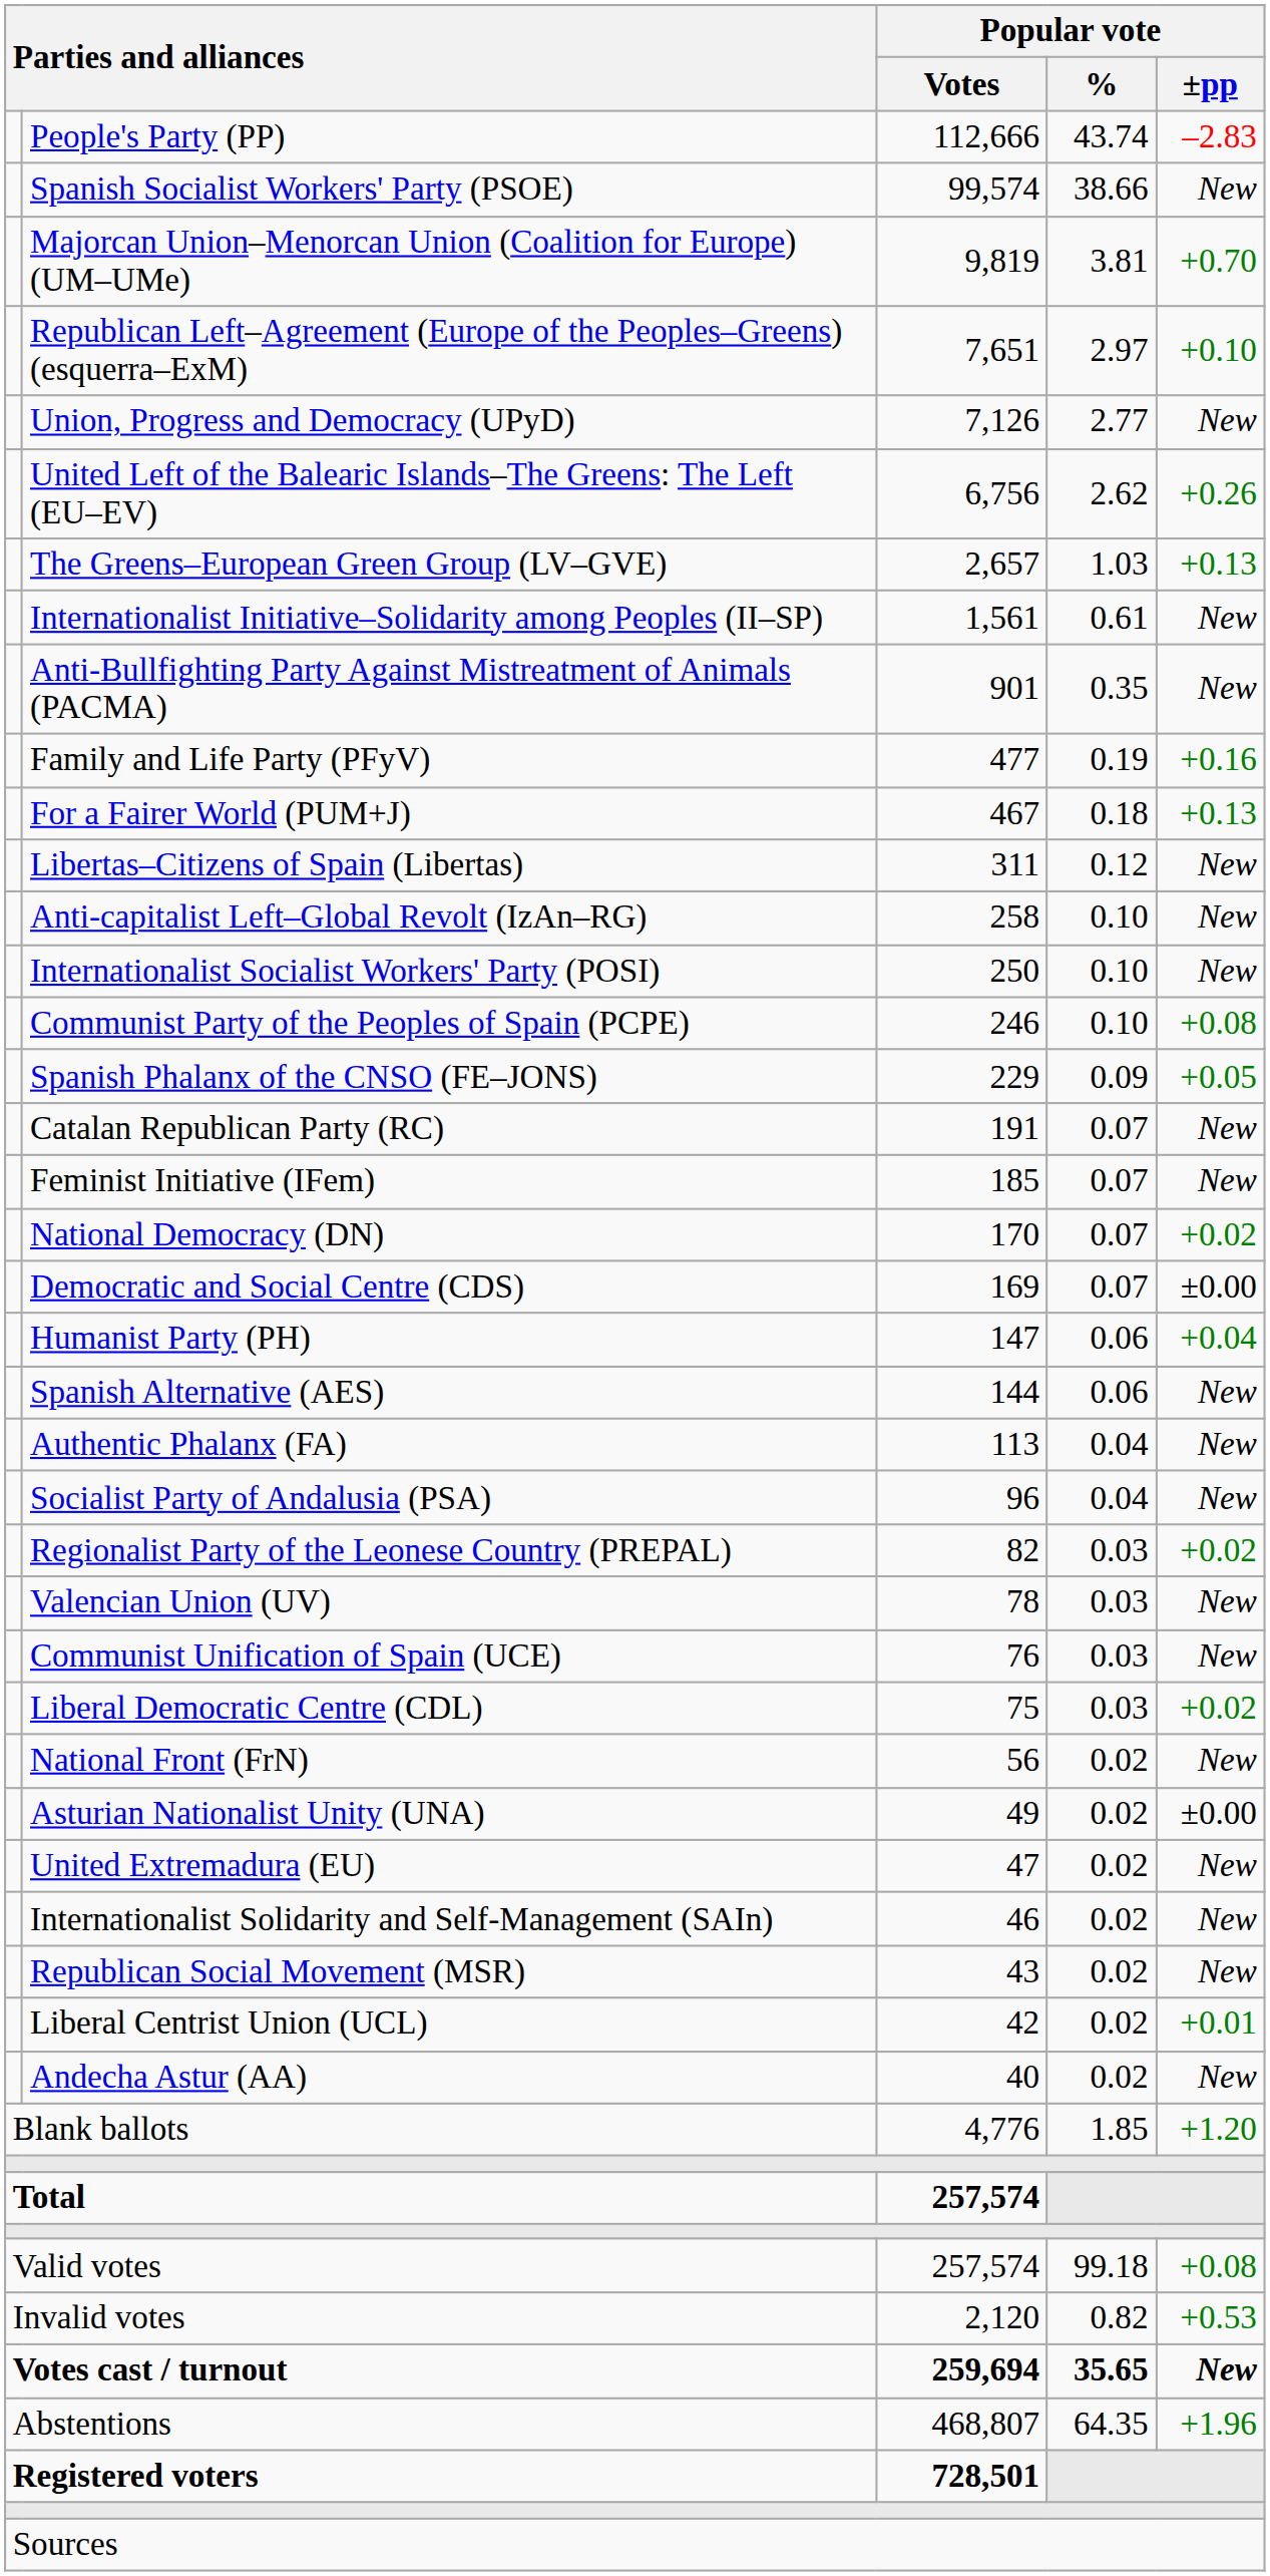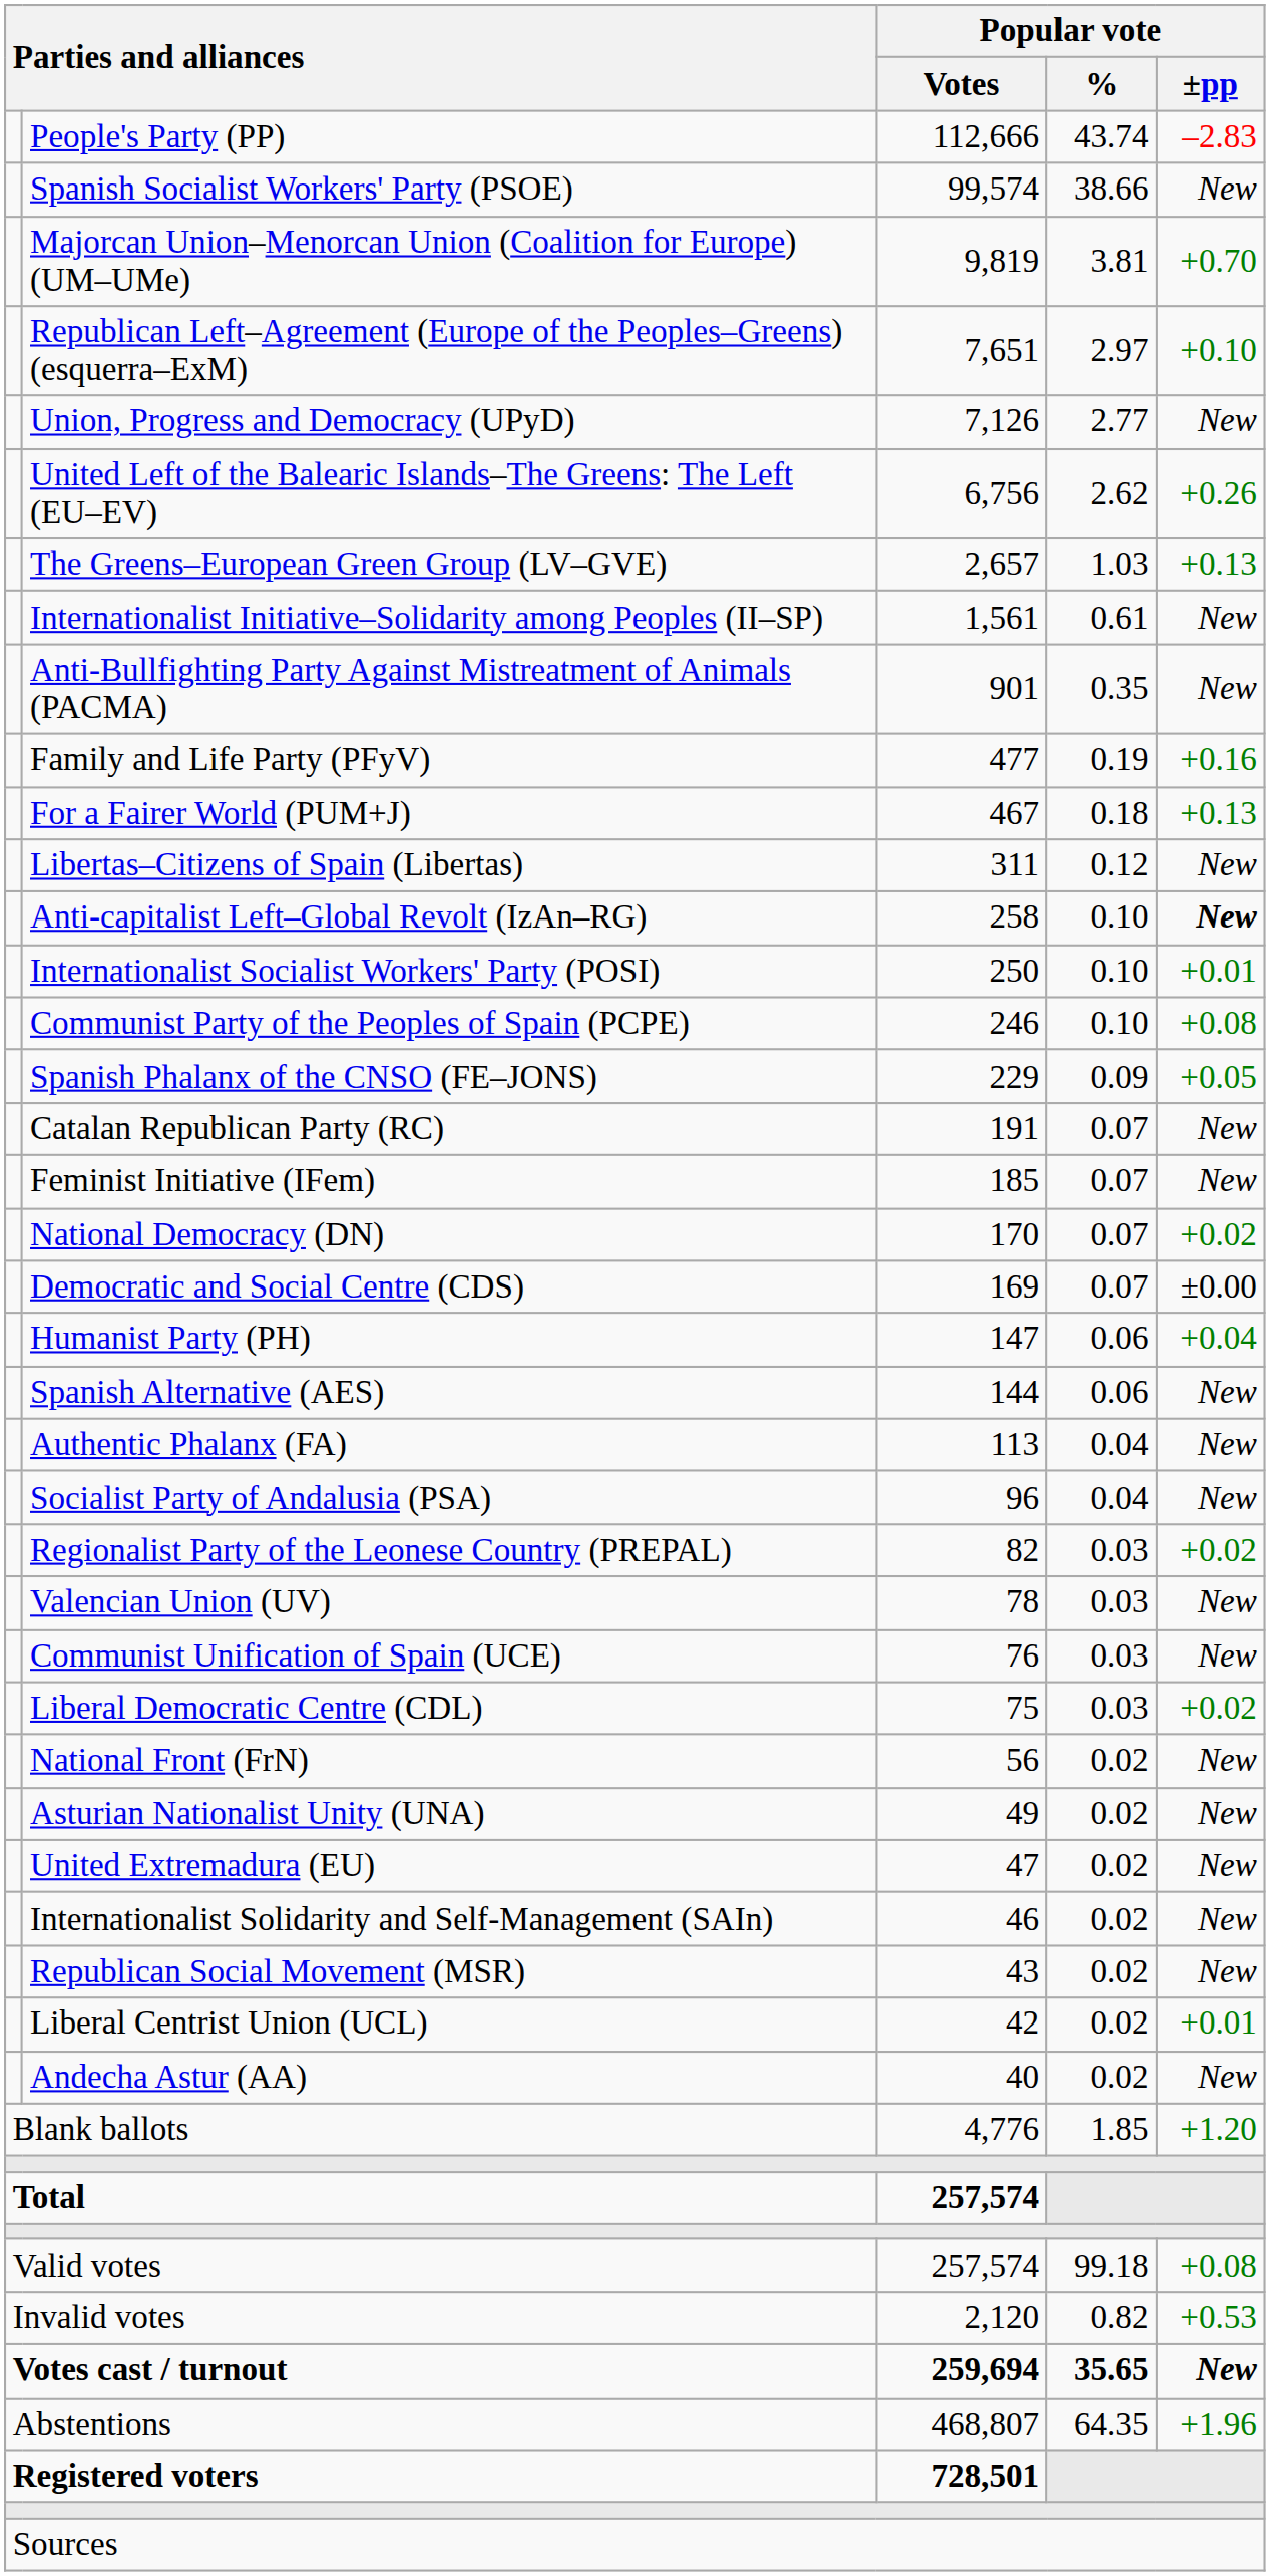 <table class="wikitable" style="text-align:right">
 <tr>
 <th style="text-align:left;" rowspan="2" colspan="2" width="525">Parties and alliances</th>
 <th colspan="3">Popular vote</th>
 </tr>
 <tr>
 <th width="75">Votes</th>
 <th width="45">%</th>
 <th width="45">±<a href='#'>pp</a></th>
 </tr>
 <tr>
 <td width="1" style="color:inherit;background:"></td>
 <td align="left"><a href='#'>People's Party</a> (PP)</td>
 <td>112,666</td>
 <td>43.74</td>
 <td style="color:red;">–2.83</td>
 </tr>
 <tr>
 <td style="color:inherit;background:"></td>
 <td align="left"><a href='#'>Spanish Socialist Workers' Party</a> (PSOE)</td>
 <td>99,574</td>
 <td>38.66</td>
 <td><em>New</em></td>
 </tr>
 <tr>
 <td style="color:inherit;background:"></td>
 <td align="left"><a href='#'>Majorcan Union</a>–<a href='#'>Menorcan Union</a> (<a href='#'>Coalition for Europe</a>) (UM–UMe)</td>
 <td>9,819</td>
 <td>3.81</td>
 <td style="color:green;">+0.70</td>
 </tr>
 <tr>
 <td style="color:inherit;background:"></td>
 <td align="left"><a href='#'>Republican Left</a>–<a href='#'>Agreement</a> (<a href='#'>Europe of the Peoples–Greens</a>) (esquerra–ExM)</td>
 <td>7,651</td>
 <td>2.97</td>
 <td style="color:green;">+0.10</td>
 </tr>
 <tr>
 <td style="color:inherit;background:"></td>
 <td align="left"><a href='#'>Union, Progress and Democracy</a> (UPyD)</td>
 <td>7,126</td>
 <td>2.77</td>
 <td><em>New</em></td>
 </tr>
 <tr>
 <td style="color:inherit;background:"></td>
 <td align="left"><a href='#'>United Left of the Balearic Islands</a>–<a href='#'>The Greens</a>: <a href='#'>The Left</a> (EU–EV)</td>
 <td>6,756</td>
 <td>2.62</td>
 <td style="color:green;">+0.26</td>
 </tr>
 <tr>
 <td style="color:inherit;background:"></td>
 <td align="left"><a href='#'>The Greens–European Green Group</a> (LV–GVE)</td>
 <td>2,657</td>
 <td>1.03</td>
 <td style="color:green;">+0.13</td>
 </tr>
 <tr>
 <td style="color:inherit;background:"></td>
 <td align="left"><a href='#'>Internationalist Initiative–Solidarity among Peoples</a> (II–SP)</td>
 <td>1,561</td>
 <td>0.61</td>
 <td><em>New</em></td>
 </tr>
 <tr>
 <td style="color:inherit;background:"></td>
 <td align="left"><a href='#'>Anti-Bullfighting Party Against Mistreatment of Animals</a> (PACMA)</td>
 <td>901</td>
 <td>0.35</td>
 <td><em>New</em></td>
 </tr>
 <tr>
 <td style="color:inherit;background:"></td>
 <td align="left">Family and Life Party (PFyV)</td>
 <td>477</td>
 <td>0.19</td>
 <td style="color:green;">+0.16</td>
 </tr>
 <tr>
 <td style="color:inherit;background:"></td>
 <td align="left"><a href='#'>For a Fairer World</a> (PUM+J)</td>
 <td>467</td>
 <td>0.18</td>
 <td style="color:green;">+0.13</td>
 </tr>
 <tr>
 <td style="color:inherit;background:"></td>
 <td align="left"><a href='#'>Libertas–Citizens of Spain</a> (Libertas)</td>
 <td>311</td>
 <td>0.12</td>
 <td><em>New</em></td>
 </tr>
 <tr>
 <td style="color:inherit;background:"></td>
 <td align="left"><a href='#'>Anti-capitalist Left–Global Revolt</a> (IzAn–RG)</td>
 <td>258</td>
 <td>0.10</td>
-<td><em>New</em></td>
+<td><strong><em>New</em></strong></td>
 </tr>
 <tr>
 <td style="color:inherit;background:"></td>
 <td align="left"><a href='#'>Internationalist Socialist Workers' Party</a> (POSI)</td>
 <td>250</td>
 <td>0.10</td>
-<td><em>New</em></td>
+<td style="color:green;">+0.01</td>
 </tr>
 <tr>
 <td style="color:inherit;background:"></td>
 <td align="left"><a href='#'>Communist Party of the Peoples of Spain</a> (PCPE)</td>
 <td>246</td>
 <td>0.10</td>
 <td style="color:green;">+0.08</td>
 </tr>
 <tr>
 <td style="color:inherit;background:"></td>
 <td align="left"><a href='#'>Spanish Phalanx of the CNSO</a> (FE–JONS)</td>
 <td>229</td>
 <td>0.09</td>
 <td style="color:green;">+0.05</td>
 </tr>
 <tr>
 <td style="color:inherit;background:"></td>
 <td align="left">Catalan Republican Party (RC)</td>
 <td>191</td>
 <td>0.07</td>
 <td><em>New</em></td>
 </tr>
 <tr>
 <td style="color:inherit;background:"></td>
 <td align="left">Feminist Initiative (IFem)</td>
 <td>185</td>
 <td>0.07</td>
 <td><em>New</em></td>
 </tr>
 <tr>
 <td style="color:inherit;background:"></td>
 <td align="left"><a href='#'>National Democracy</a> (DN)</td>
 <td>170</td>
 <td>0.07</td>
 <td style="color:green;">+0.02</td>
 </tr>
 <tr>
 <td style="color:inherit;background:"></td>
 <td align="left"><a href='#'>Democratic and Social Centre</a> (CDS)</td>
 <td>169</td>
 <td>0.07</td>
 <td>±0.00</td>
 </tr>
 <tr>
 <td style="color:inherit;background:"></td>
 <td align="left"><a href='#'>Humanist Party</a> (PH)</td>
 <td>147</td>
 <td>0.06</td>
 <td style="color:green;">+0.04</td>
 </tr>
 <tr>
 <td style="color:inherit;background:"></td>
 <td align="left"><a href='#'>Spanish Alternative</a> (AES)</td>
 <td>144</td>
 <td>0.06</td>
 <td><em>New</em></td>
 </tr>
 <tr>
 <td style="color:inherit;background:"></td>
 <td align="left"><a href='#'>Authentic Phalanx</a> (FA)</td>
 <td>113</td>
 <td>0.04</td>
 <td><em>New</em></td>
 </tr>
 <tr>
 <td style="color:inherit;background:"></td>
 <td align="left"><a href='#'>Socialist Party of Andalusia</a> (PSA)</td>
 <td>96</td>
 <td>0.04</td>
 <td><em>New</em></td>
 </tr>
 <tr>
 <td style="color:inherit;background:"></td>
 <td align="left"><a href='#'>Regionalist Party of the Leonese Country</a> (PREPAL)</td>
 <td>82</td>
 <td>0.03</td>
 <td style="color:green;">+0.02</td>
 </tr>
 <tr>
 <td style="color:inherit;background:"></td>
 <td align="left"><a href='#'>Valencian Union</a> (UV)</td>
 <td>78</td>
 <td>0.03</td>
 <td><em>New</em></td>
 </tr>
 <tr>
 <td style="color:inherit;background:"></td>
 <td align="left"><a href='#'>Communist Unification of Spain</a> (UCE)</td>
 <td>76</td>
 <td>0.03</td>
 <td><em>New</em></td>
 </tr>
 <tr>
 <td style="color:inherit;background:"></td>
 <td align="left"><a href='#'>Liberal Democratic Centre</a> (CDL)</td>
 <td>75</td>
 <td>0.03</td>
 <td style="color:green;">+0.02</td>
 </tr>
 <tr>
 <td style="color:inherit;background:"></td>
 <td align="left"><a href='#'>National Front</a> (FrN)</td>
 <td>56</td>
 <td>0.02</td>
 <td><em>New</em></td>
 </tr>
 <tr>
 <td style="color:inherit;background:"></td>
 <td align="left"><a href='#'>Asturian Nationalist Unity</a> (UNA)</td>
 <td>49</td>
 <td>0.02</td>
-<td>±0.00</td>
+<td><em>New</em></td>
 </tr>
 <tr>
 <td style="color:inherit;background:"></td>
 <td align="left"><a href='#'>United Extremadura</a> (EU)</td>
 <td>47</td>
 <td>0.02</td>
 <td><em>New</em></td>
 </tr>
 <tr>
 <td style="color:inherit;background:"></td>
 <td align="left">Internationalist Solidarity and Self-Management (SAIn)</td>
 <td>46</td>
 <td>0.02</td>
 <td><em>New</em></td>
 </tr>
 <tr>
 <td style="color:inherit;background:"></td>
 <td align="left"><a href='#'>Republican Social Movement</a> (MSR)</td>
 <td>43</td>
 <td>0.02</td>
 <td><em>New</em></td>
 </tr>
 <tr>
 <td style="color:inherit;background:"></td>
 <td align="left">Liberal Centrist Union (UCL)</td>
 <td>42</td>
 <td>0.02</td>
 <td style="color:green;">+0.01</td>
 </tr>
 <tr>
 <td style="color:inherit;background:"></td>
 <td align="left"><a href='#'>Andecha Astur</a> (AA)</td>
 <td>40</td>
 <td>0.02</td>
 <td><em>New</em></td>
 </tr>
 <tr>
 <td align="left" colspan="2">Blank ballots</td>
 <td>4,776</td>
 <td>1.85</td>
 <td style="color:green;">+1.20</td>
 </tr>
 <tr>
 <td colspan="5" bgcolor="#E9E9E9"></td>
 </tr>
 <tr style="font-weight:bold;">
 <td align="left" colspan="2">Total</td>
 <td>257,574</td>
 <td bgcolor="#E9E9E9" colspan="2"></td>
 </tr>
 <tr>
 <td colspan="5" bgcolor="#E9E9E9"></td>
 </tr>
 <tr>
 <td align="left" colspan="2">Valid votes</td>
 <td>257,574</td>
 <td>99.18</td>
 <td style="color:green;">+0.08</td>
 </tr>
 <tr>
 <td align="left" colspan="2">Invalid votes</td>
 <td>2,120</td>
 <td>0.82</td>
 <td style="color:green;">+0.53</td>
 </tr>
 <tr style="font-weight:bold;">
 <td align="left" colspan="2">Votes cast / turnout</td>
 <td>259,694</td>
 <td>35.65</td>
 <td><em>New</em></td>
 </tr>
 <tr>
 <td align="left" colspan="2">Abstentions</td>
 <td>468,807</td>
 <td>64.35</td>
 <td style="color:green;">+1.96</td>
 </tr>
 <tr style="font-weight:bold;">
 <td align="left" colspan="2">Registered voters</td>
 <td>728,501</td>
 <td bgcolor="#E9E9E9" colspan="2"></td>
 </tr>
 <tr>
 <td colspan="5" bgcolor="#E9E9E9"></td>
 </tr>
 <tr>
 <td align="left" colspan="5">Sources</td>
 </tr>
 </table>
